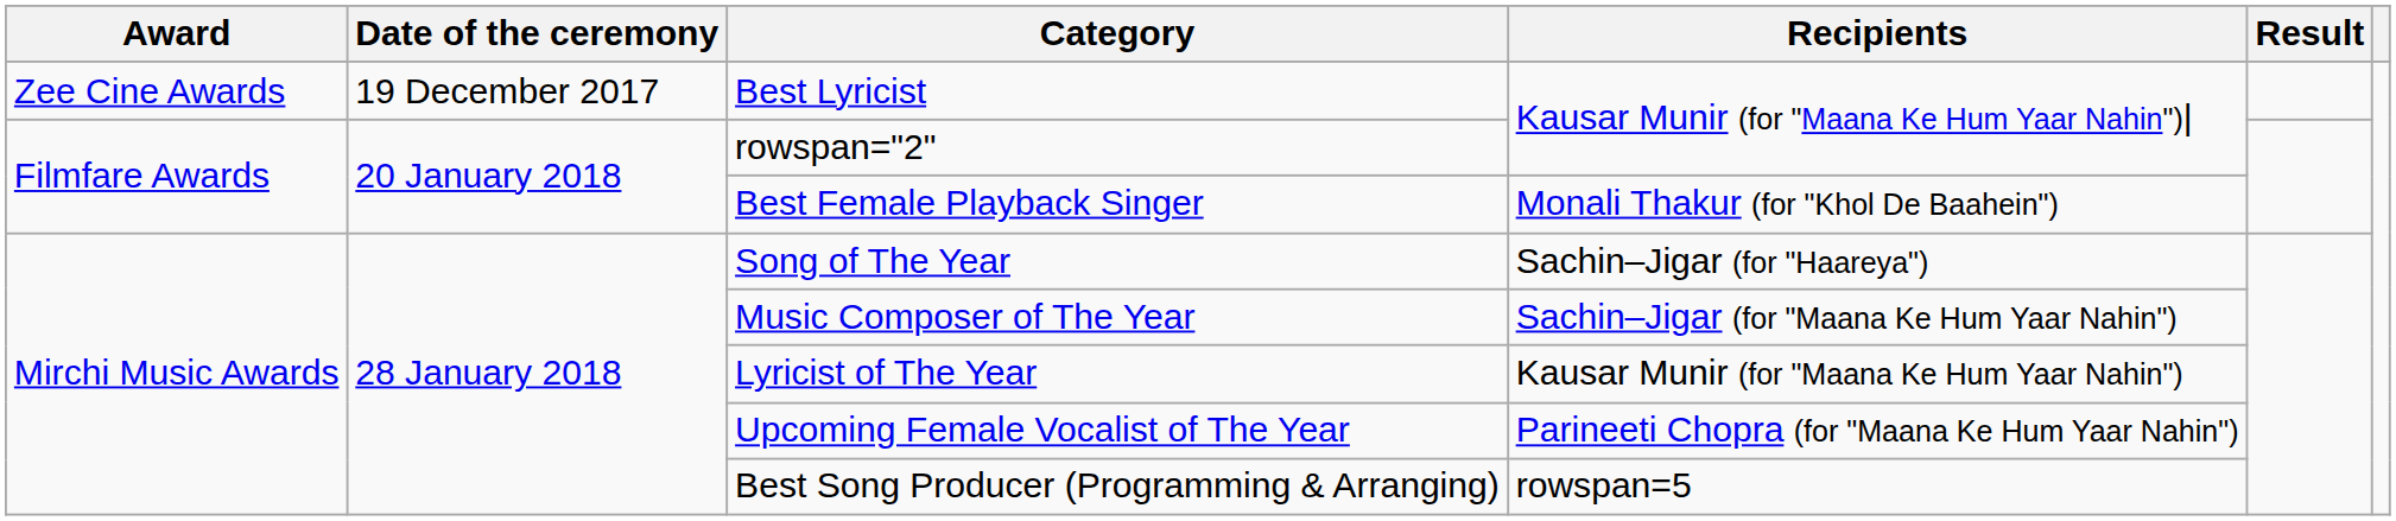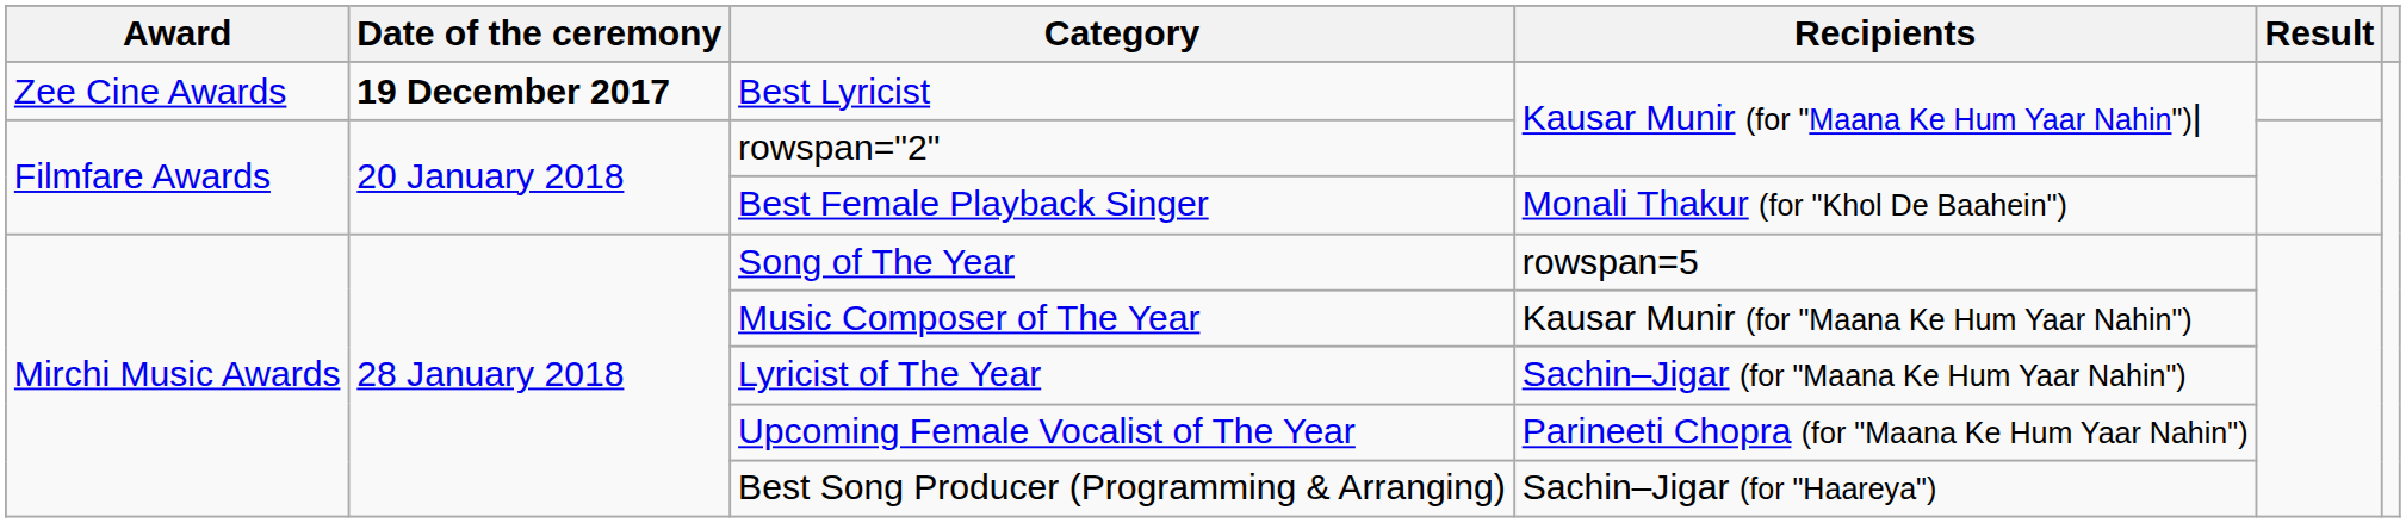 <table class="wikitable plainrowheaders sortable">
 <tr>
 <th scope="col">Award</th>
 <th scope="col">Date of the ceremony</th>
 <th scope="col">Category</th>
 <th scope="col">Recipients</th>
 <th scope="col">Result</th>
 <th class="unsortable" scope="col"></th>
 </tr>
 <tr>
 <td><a href='#'>Zee Cine Awards</a></td>
-<td>19 December 2017</td>
+<td><strong>19 December 2017</strong></td>
 <td><a href='#'>Best Lyricist</a></td>
 <td rowspan="2"><a href='#'>Kausar Munir</a> <small>(for "<a href='#'>Maana Ke Hum Yaar Nahin</a>")</small>| </td>
 <td></td>
 </tr>
 <tr>
 <td rowspan="2" scope="row"><a href='#'>Filmfare Awards</a></td>
 <td rowspan="2"><a href='#'>20 January 2018</a></td>
 <td>rowspan="2" </td>
 <td rowspan="2"></td>
 </tr>
 <tr>
 <td><a href='#'>Best Female Playback Singer</a></td>
 <td><a href='#'>Monali Thakur</a> <small>(for "Khol De Baahein")</small></td>
 </tr>
 <tr>
 <td rowspan="5"><a href='#'>Mirchi Music Awards</a></td>
 <td rowspan="5"><a href='#'>28 January 2018</a></td>
 <td><a href='#'>Song of The Year</a></td>
-<td>Sachin–Jigar <small>(for "Haareya")</small></td>
+<td "Maana Ke Hum Yaar Nahin">rowspan=5 </td>
 <td rowspan="5"></td>
 </tr>
 <tr>
 <td><a href='#'>Music Composer of The Year</a></td>
-<td><a href='#'>Sachin–Jigar</a> <small>(for "Maana Ke Hum Yaar Nahin")</small></td>
+<td>Kausar Munir <small>(for "Maana Ke Hum Yaar Nahin")</small></td>
 </tr>
 <tr>
 <td><a href='#'>Lyricist of The Year</a></td>
-<td>Kausar Munir <small>(for "Maana Ke Hum Yaar Nahin")</small></td>
+<td><a href='#'>Sachin–Jigar</a> <small>(for "Maana Ke Hum Yaar Nahin")</small></td>
 </tr>
 <tr>
 <td><a href='#'>Upcoming Female Vocalist of The Year</a></td>
 <td><a href='#'>Parineeti Chopra</a> <small>(for "Maana Ke Hum Yaar Nahin")</small></td>
 </tr>
 <tr>
 <td>Best Song Producer (Programming & Arranging)</td>
-<td "Maana Ke Hum Yaar Nahin">rowspan=5 </td>
+<td>Sachin–Jigar <small>(for "Haareya")</small></td>
 </tr>
 </table>
